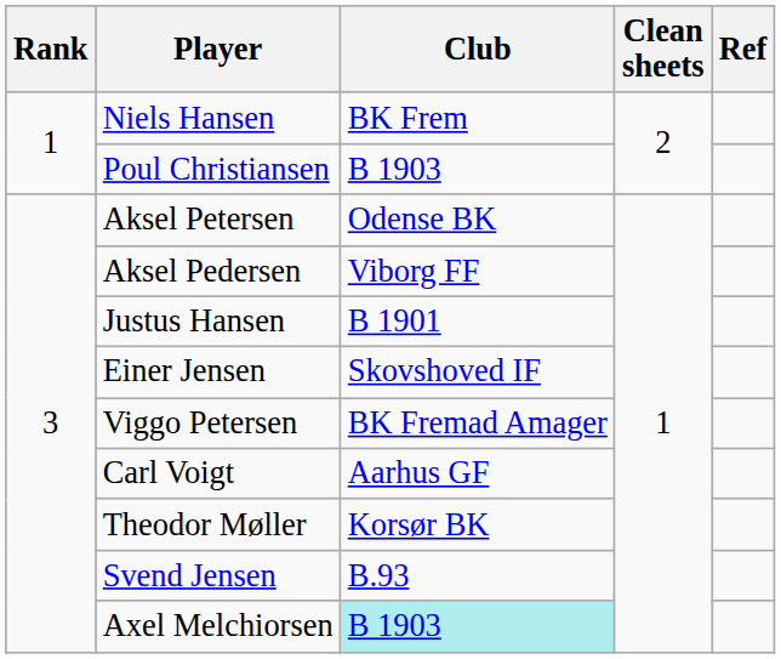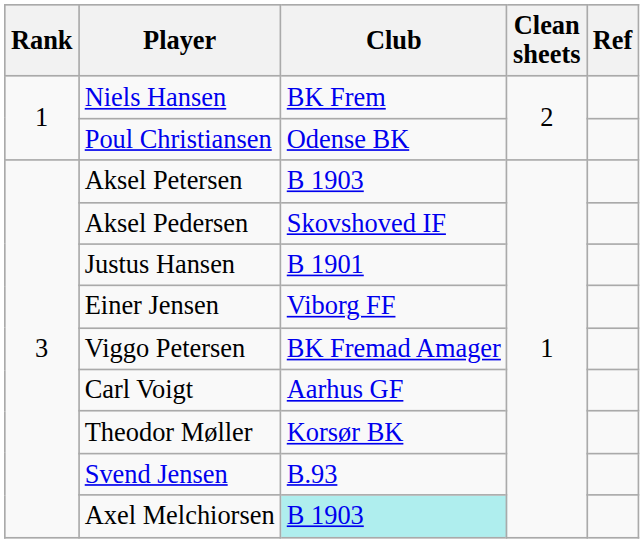 <table class="wikitable" style="text-align:center">
 <tr>
 <th>Rank</th>
 <th>Player</th>
 <th>Club</th>
 <th>Clean<br>sheets</th>
 <th>Ref</th>
 </tr>
 <tr>
 <td rowspan=2>1</td>
 <td align="left"> <a href='#'>Niels Hansen</a></td>
 <td align="left"><a href='#'>BK Frem</a></td>
 <td rowspan=2>2</td>
 <td></td>
 </tr>
 <tr>
 <td align="left"> <a href='#'>Poul Christiansen</a></td>
-<td align="left"><a href='#'>B 1903</a></td>
+<td align="left"><a href='#'>Odense BK</a></td>
 <td></td>
 </tr>
 <tr>
 <td rowspan=9>3</td>
 <td align="left"> Aksel Petersen</td>
-<td align="left"><a href='#'>Odense BK</a></td>
+<td align="left"><a href='#'>B 1903</a></td>
 <td rowspan=9>1</td>
 <td></td>
 </tr>
 <tr>
 <td align="left"> Aksel Pedersen</td>
-<td align="left"><a href='#'>Viborg FF</a></td>
+<td align="left"><a href='#'>Skovshoved IF</a></td>
 <td></td>
 </tr>
 <tr>
 <td align="left"> Justus Hansen</td>
 <td align="left"><a href='#'>B 1901</a></td>
 <td></td>
 </tr>
 <tr>
 <td align="left"> Einer Jensen</td>
-<td align="left"><a href='#'>Skovshoved IF</a></td>
+<td align="left"><a href='#'>Viborg FF</a></td>
 <td></td>
 </tr>
 <tr>
 <td align="left"> Viggo Petersen</td>
 <td align="left"><a href='#'>BK Fremad Amager</a></td>
 <td></td>
 </tr>
 <tr>
 <td align="left"> Carl Voigt</td>
 <td align="left"><a href='#'>Aarhus GF</a></td>
 <td></td>
 </tr>
 <tr>
 <td align="left"> Theodor Møller</td>
 <td align="left"><a href='#'>Korsør BK</a></td>
 <td></td>
 </tr>
 <tr>
 <td align="left"> <a href='#'>Svend Jensen</a></td>
 <td align="left"><a href='#'>B.93</a></td>
 <td></td>
 </tr>
 <tr>
 <td align="left"> Axel Melchiorsen</td>
 <td align="left" style="background: paleturquoise;"><a href='#'>B 1903</a></td>
 <td></td>
 </tr>
 </table>
